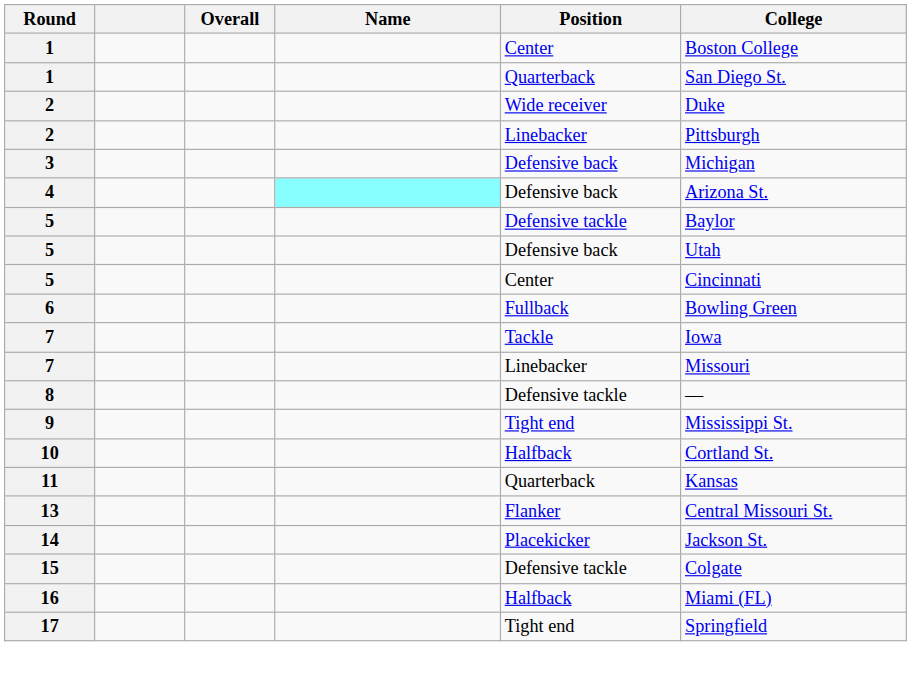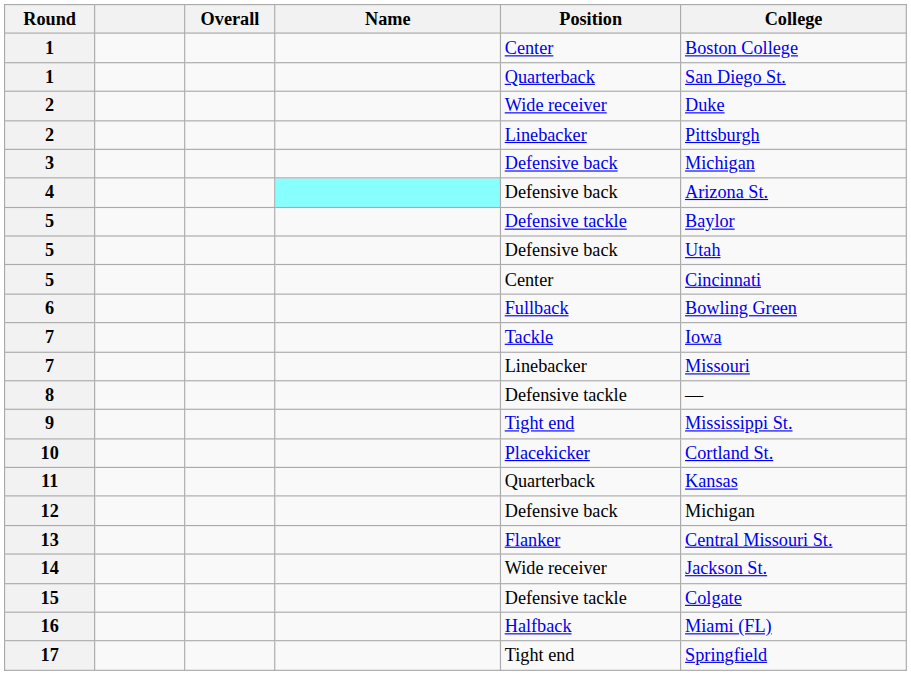 <table class="wikitable sortable" style="width: 50%;">
 <tr>
 <th scope="col" style="width: 10%;">Round</th>
 <th scope="col" style="width: 10%;"></th>
 <th scope="col" style="width: 10%;">Overall</th>
 <th scope="col" style="width: 25%;">Name</th>
 <th scope="col" style="width: 20%;">Position</th>
 <th scope="col" style="width: 25%;">College</th>
 </tr>
 <tr>
 <th scope="row">1</th>
 <td></td>
 <td></td>
 <td></td>
 <td><a href='#'>Center</a></td>
 <td><a href='#'>Boston College</a></td>
 </tr>
 <tr>
 <th scope="row">1</th>
 <td></td>
 <td></td>
 <td></td>
 <td><a href='#'>Quarterback</a></td>
 <td><a href='#'>San Diego St.</a></td>
 </tr>
 <tr>
 <th scope="row">2</th>
 <td></td>
 <td></td>
 <td></td>
 <td><a href='#'>Wide receiver</a></td>
 <td><a href='#'>Duke</a></td>
 </tr>
 <tr>
 <th scope="row">2</th>
 <td></td>
 <td></td>
 <td></td>
 <td><a href='#'>Linebacker</a></td>
 <td><a href='#'>Pittsburgh</a></td>
 </tr>
 <tr>
 <th scope="row">3</th>
 <td></td>
 <td></td>
 <td></td>
 <td><a href='#'>Defensive back</a></td>
 <td><a href='#'>Michigan</a></td>
 </tr>
 <tr>
 <th scope="row">4</th>
 <td></td>
 <td></td>
 <td style="background:#88FFFF;"> <sup></sup></td>
 <td>Defensive back</td>
 <td><a href='#'>Arizona St.</a></td>
 </tr>
 <tr>
 <th scope="row">5</th>
 <td></td>
 <td></td>
 <td></td>
 <td><a href='#'>Defensive tackle</a></td>
 <td><a href='#'>Baylor</a></td>
 </tr>
 <tr>
 <th scope="row">5</th>
 <td></td>
 <td></td>
 <td></td>
 <td>Defensive back</td>
 <td><a href='#'>Utah</a></td>
 </tr>
 <tr>
 <th scope="row">5</th>
 <td></td>
 <td></td>
 <td></td>
 <td>Center</td>
 <td><a href='#'>Cincinnati</a></td>
 </tr>
 <tr>
 <th scope="row">6</th>
 <td></td>
 <td></td>
 <td></td>
 <td><a href='#'>Fullback</a></td>
 <td><a href='#'>Bowling Green</a></td>
 </tr>
 <tr>
 <th scope="row">7</th>
 <td></td>
 <td></td>
 <td></td>
 <td><a href='#'>Tackle</a></td>
 <td><a href='#'>Iowa</a></td>
 </tr>
 <tr>
 <th scope="row">7</th>
 <td></td>
 <td></td>
 <td></td>
 <td>Linebacker</td>
 <td><a href='#'>Missouri</a></td>
 </tr>
 <tr>
 <th scope="row">8</th>
 <td></td>
 <td></td>
 <td></td>
 <td>Defensive tackle</td>
 <td>—</td>
 </tr>
 <tr>
 <th scope="row">9</th>
 <td></td>
 <td></td>
 <td></td>
 <td><a href='#'>Tight end</a></td>
 <td><a href='#'>Mississippi St.</a></td>
 </tr>
 <tr>
 <th scope="row">10</th>
 <td></td>
 <td></td>
 <td></td>
-<td><a href='#'>Halfback</a></td>
+<td><a href='#'>Placekicker</a></td>
 <td><a href='#'>Cortland St.</a></td>
 </tr>
 <tr>
 <th scope="row">11</th>
 <td></td>
 <td></td>
 <td></td>
 <td>Quarterback</td>
 <td><a href='#'>Kansas</a></td>
+</tr>
+<tr>
+<th scope="row">12</th>
+<td></td>
+<td></td>
+<td></td>
+<td>Defensive back</td>
+<td>Michigan</td>
 </tr>
 <tr>
 <th scope="row">13</th>
 <td></td>
 <td></td>
 <td></td>
 <td><a href='#'>Flanker</a></td>
 <td><a href='#'>Central Missouri St.</a></td>
 </tr>
 <tr>
 <th scope="row">14</th>
 <td></td>
 <td></td>
 <td></td>
-<td><a href='#'>Placekicker</a></td>
+<td>Wide receiver</td>
 <td><a href='#'>Jackson St.</a></td>
 </tr>
 <tr>
 <th scope="row">15</th>
 <td></td>
 <td></td>
 <td></td>
 <td>Defensive tackle</td>
 <td><a href='#'>Colgate</a></td>
 </tr>
 <tr>
 <th scope="row">16</th>
 <td></td>
 <td></td>
 <td></td>
 <td><a href='#'>Halfback</a></td>
 <td><a href='#'>Miami (FL)</a></td>
 </tr>
 <tr>
 <th scope="row">17</th>
 <td></td>
 <td></td>
 <td></td>
 <td>Tight end</td>
 <td><a href='#'>Springfield</a></td>
 </tr>
 </table>
